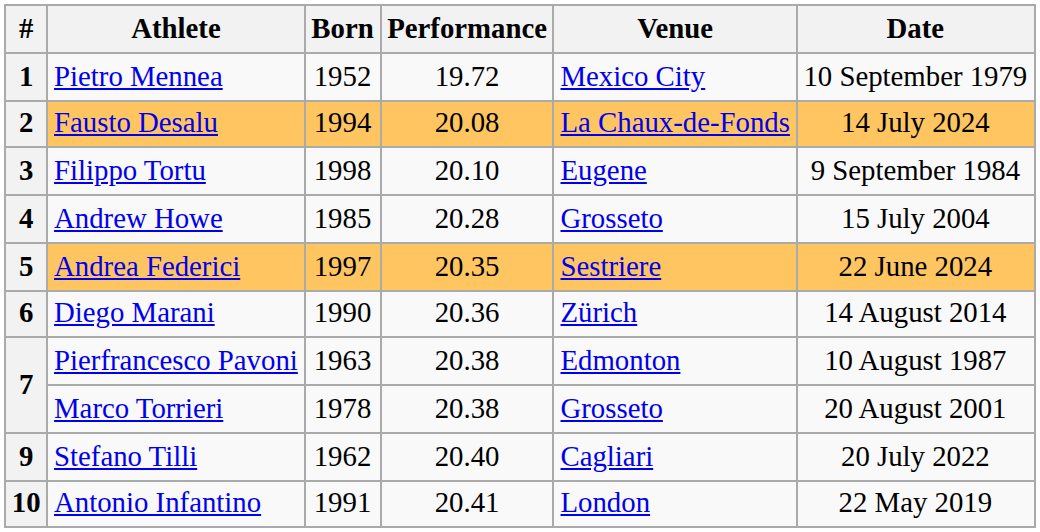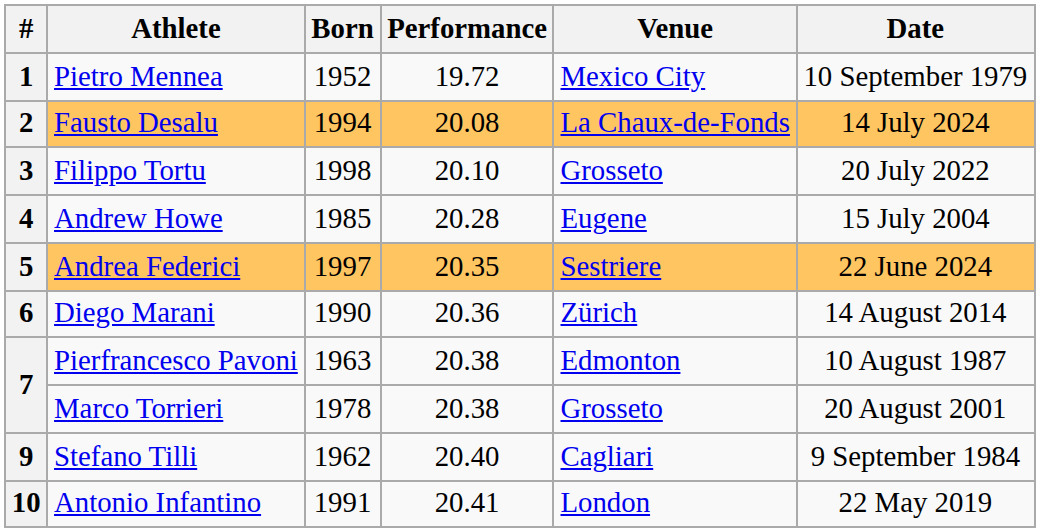 <table class="wikitable" style="font-size:90%; text-align:center;">
 <tr>
 <th>#</th>
 <th>Athlete</th>
 <th>Born</th>
 <th>Performance</th>
 <th>Venue</th>
 <th>Date</th>
 </tr>
 <tr>
 <th>1</th>
 <td align=left><a href='#'>Pietro Mennea</a></td>
 <td>1952</td>
 <td>19.72</td>
 <td align=left> <a href='#'>Mexico City</a></td>
 <td>10 September 1979</td>
 </tr>
 <tr bgcolor=ffc560>
 <th>2</th>
 <td align=left><a href='#'>Fausto Desalu</a></td>
 <td>1994</td>
 <td>20.08</td>
 <td align=left> <a href='#'>La Chaux-de-Fonds</a></td>
 <td>14 July 2024</td>
 </tr>
 <tr>
 <th>3</th>
 <td align=left><a href='#'>Filippo Tortu</a></td>
 <td align=center>1998</td>
 <td align=center>20.10</td>
-<td align=left> <a href='#'>Eugene</a></td>
-<td>9 September 1984</td>
+<td align=left> <a href='#'>Grosseto</a></td>
+<td>20 July 2022</td>
 </tr>
 <tr>
 <th>4</th>
 <td align=left><a href='#'>Andrew Howe</a></td>
 <td>1985</td>
 <td>20.28</td>
-<td align=left> <a href='#'>Grosseto</a></td>
+<td align=left> <a href='#'>Eugene</a></td>
 <td>15 July 2004</td>
 </tr>
 <tr bgcolor=ffc560>
 <th>5</th>
 <td align=left><a href='#'>Andrea Federici</a></td>
 <td>1997</td>
 <td>20.35</td>
 <td align=left> <a href='#'>Sestriere</a></td>
 <td>22 June 2024</td>
 </tr>
 <tr>
 <th>6</th>
 <td align=left><a href='#'>Diego Marani</a></td>
 <td>1990</td>
 <td>20.36</td>
 <td align=left> <a href='#'>Zürich</a></td>
 <td>14 August 2014</td>
 </tr>
 <tr>
 <th rowspan=2>7</th>
 <td align=left><a href='#'>Pierfrancesco Pavoni</a></td>
 <td>1963</td>
 <td>20.38</td>
 <td align=left> <a href='#'>Edmonton</a></td>
 <td>10 August 1987</td>
 </tr>
 <tr>
 <td align=left><a href='#'>Marco Torrieri</a></td>
 <td>1978</td>
 <td>20.38</td>
 <td align=left> <a href='#'>Grosseto</a></td>
 <td>20 August 2001</td>
 </tr>
 <tr>
 <th>9</th>
 <td align=left><a href='#'>Stefano Tilli</a></td>
 <td>1962</td>
 <td>20.40</td>
 <td align=left> <a href='#'>Cagliari</a></td>
-<td>20 July 2022</td>
+<td>9 September 1984</td>
 </tr>
 <tr>
 <th>10</th>
 <td align=left><a href='#'>Antonio Infantino</a></td>
 <td>1991</td>
 <td>20.41</td>
 <td align=left> <a href='#'>London</a></td>
 <td>22 May 2019</td>
 </tr>
 </table>
